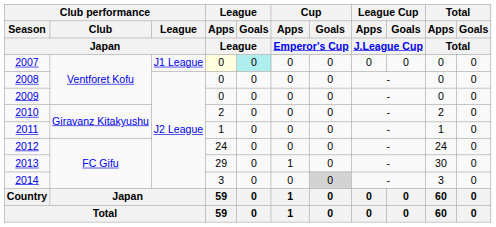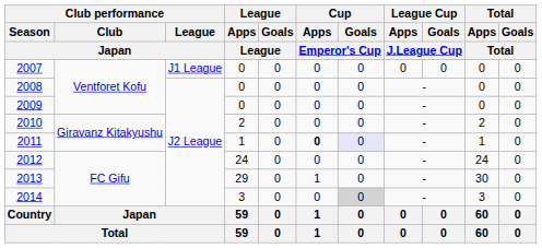 <table class="wikitable" style="text-align:center;">
 <tr>
 <th colspan=3>Club performance</th>
 <th colspan=2>League</th>
 <th colspan=2>Cup</th>
 <th colspan=2>League Cup</th>
 <th colspan=2>Total</th>
 </tr>
 <tr>
 <th>Season</th>
 <th>Club</th>
 <th>League</th>
 <th>Apps</th>
 <th>Goals</th>
 <th>Apps</th>
 <th>Goals</th>
 <th>Apps</th>
 <th>Goals</th>
 <th>Apps</th>
 <th>Goals</th>
 </tr>
 <tr>
 <th colspan=3>Japan</th>
 <th colspan=2>League</th>
 <th colspan=2><a href='#'>Emperor's Cup</a></th>
 <th colspan=2><a href='#'>J.League Cup</a></th>
 <th colspan=2>Total</th>
 </tr>
 <tr>
 <td><a href='#'>2007</a></td>
 <td rowspan="3"><a href='#'>Ventforet Kofu</a></td>
 <td><a href='#'>J1 League</a></td>
-<td style="background: lightyellow;">0</td>
-<td style="background: paleturquoise;">0</td>
+<td>0</td>
+<td>0</td>
 <td>0</td>
 <td>0</td>
 <td>0</td>
 <td>0</td>
 <td>0</td>
 <td>0</td>
 </tr>
 <tr>
 <td><a href='#'>2008</a></td>
 <td rowspan="7"><a href='#'>J2 League</a></td>
 <td>0</td>
 <td>0</td>
 <td>0</td>
 <td>0</td>
 <td colspan="2">-</td>
 <td>0</td>
 <td>0</td>
 </tr>
 <tr>
 <td><a href='#'>2009</a></td>
 <td>0</td>
 <td>0</td>
 <td>0</td>
 <td>0</td>
 <td colspan="2">-</td>
 <td>0</td>
 <td>0</td>
 </tr>
 <tr>
 <td><a href='#'>2010</a></td>
 <td rowspan="2"><a href='#'>Giravanz Kitakyushu</a></td>
 <td>2</td>
 <td>0</td>
 <td>0</td>
 <td>0</td>
 <td colspan="2">-</td>
 <td>2</td>
 <td>0</td>
 </tr>
 <tr>
 <td><a href='#'>2011</a></td>
 <td>1</td>
 <td>0</td>
-<td>0</td>
-<td>0</td>
+<td><strong>0</strong></td>
+<td style="background: lavender;">0</td>
 <td colspan="2">-</td>
 <td>1</td>
 <td>0</td>
 </tr>
 <tr>
 <td><a href='#'>2012</a></td>
 <td rowspan=3><a href='#'>FC Gifu</a></td>
 <td>24</td>
 <td>0</td>
 <td>0</td>
 <td>0</td>
 <td colspan="2">-</td>
 <td>24</td>
 <td>0</td>
 </tr>
 <tr>
 <td><a href='#'>2013</a></td>
 <td>29</td>
 <td>0</td>
 <td>1</td>
 <td>0</td>
 <td colspan="2">-</td>
 <td>30</td>
 <td>0</td>
 </tr>
 <tr>
 <td><a href='#'>2014</a></td>
 <td>3</td>
 <td>0</td>
 <td>0</td>
 <td style="background: lightgrey;">0</td>
 <td colspan="2">-</td>
 <td>3</td>
 <td>0</td>
 </tr>
 <tr>
 <th rowspan=1>Country</th>
 <th colspan=2>Japan</th>
 <th>59</th>
 <th>0</th>
 <th>1</th>
 <th>0</th>
 <th>0</th>
 <th>0</th>
 <th>60</th>
 <th>0</th>
 </tr>
 <tr>
 <th colspan=3>Total</th>
 <th>59</th>
 <th>0</th>
 <th>1</th>
 <th>0</th>
 <th>0</th>
 <th>0</th>
 <th>60</th>
 <th>0</th>
 </tr>
 </table>
